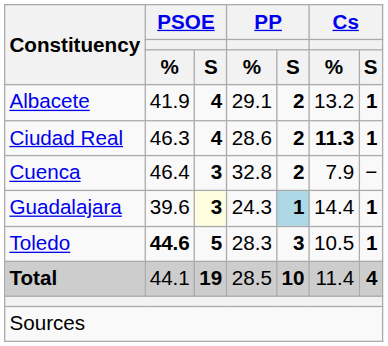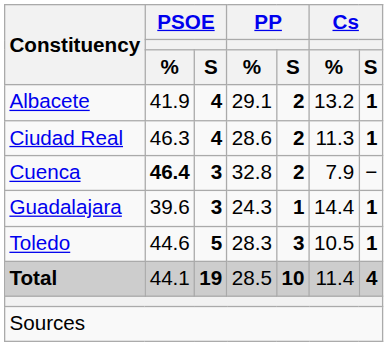 <table class="wikitable sortable" style="text-align:right; line-height:20px;">
 <tr>
 <th rowspan="3">Constituency</th>
 <th colspan="2" width="30px" class="unsortable"><a href='#'>PSOE</a></th>
 <th colspan="2" width="30px" class="unsortable"><a href='#'>PP</a></th>
 <th colspan="2" width="30px" class="unsortable"><a href='#'>Cs</a></th>
 </tr>
 <tr>
 <th colspan="2" style="background:"></th>
 <th colspan="2" style="background:"></th>
 <th colspan="2" style="background:"></th>
 </tr>
 <tr>
 <th data-sort-type="number">%</th>
 <th data-sort-type="number">S</th>
 <th data-sort-type="number">%</th>
 <th data-sort-type="number">S</th>
 <th data-sort-type="number">%</th>
 <th data-sort-type="number">S</th>
 </tr>
 <tr>
 <td align="left"><a href='#'>Albacete</a></td>
 <td style="background:">41.9</td>
 <td><strong>4</strong></td>
 <td>29.1</td>
 <td><strong>2</strong></td>
 <td>13.2</td>
 <td><strong>1</strong></td>
 </tr>
 <tr>
 <td align="left"><a href='#'>Ciudad Real</a></td>
 <td style="background:">46.3</td>
 <td><strong>4</strong></td>
 <td>28.6</td>
 <td><strong>2</strong></td>
-<td><strong>11.3</strong></td>
+<td>11.3</td>
 <td><strong>1</strong></td>
 </tr>
 <tr>
 <td align="left"><a href='#'>Cuenca</a></td>
-<td style="background:">46.4</td>
+<td style="background:"><strong>46.4</strong></td>
 <td><strong>3</strong></td>
 <td>32.8</td>
 <td><strong>2</strong></td>
 <td>7.9</td>
 <td>−</td>
 </tr>
 <tr>
 <td align="left"><a href='#'>Guadalajara</a></td>
 <td style="background:">39.6</td>
-<td style="background: lightyellow;"><strong>3</strong></td>
+<td><strong>3</strong></td>
 <td>24.3</td>
-<td style="background: lightblue;"><strong>1</strong></td>
+<td><strong>1</strong></td>
 <td>14.4</td>
 <td><strong>1</strong></td>
 </tr>
 <tr>
 <td align="left"><a href='#'>Toledo</a></td>
-<td style="background:"><strong>44.6</strong></td>
+<td style="background:">44.6</td>
 <td><strong>5</strong></td>
 <td>28.3</td>
 <td><strong>3</strong></td>
 <td>10.5</td>
 <td><strong>1</strong></td>
 </tr>
 <tr style="background:#CDCDCD;">
 <td align="left"><strong>Total</strong></td>
 <td style="background:">44.1</td>
 <td><strong>19</strong></td>
 <td>28.5</td>
 <td><strong>10</strong></td>
 <td>11.4</td>
 <td><strong>4</strong></td>
 </tr>
 <tr>
 <th colspan="7"></th>
 </tr>
 <tr>
 <th style="text-align:left; font-weight:normal; background:#F9F9F9" colspan="7">Sources</th>
 </tr>
 </table>
